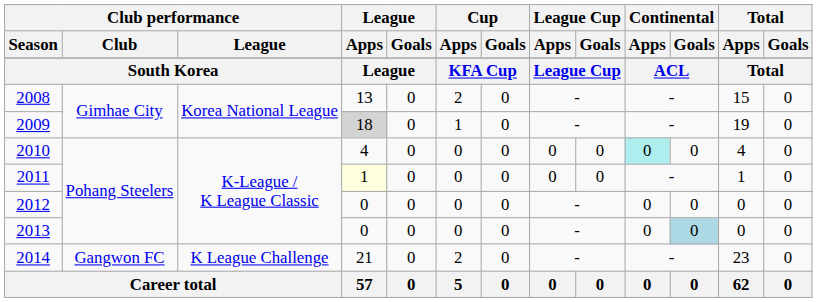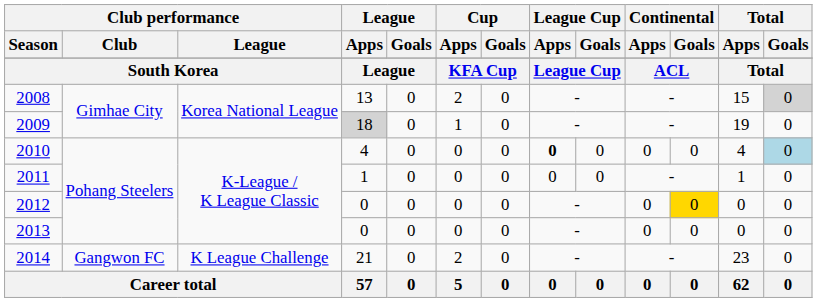 <table class="wikitable" style="text-align:center">
 <tr>
 <th colspan=3>Club performance</th>
 <th colspan=2>League</th>
 <th colspan=2>Cup</th>
 <th colspan=2>League Cup</th>
 <th colspan=2>Continental</th>
 <th colspan=2>Total</th>
 </tr>
 <tr>
 <th>Season</th>
 <th>Club</th>
 <th>League</th>
 <th>Apps</th>
 <th>Goals</th>
 <th>Apps</th>
 <th>Goals</th>
 <th>Apps</th>
 <th>Goals</th>
 <th>Apps</th>
 <th>Goals</th>
 <th>Apps</th>
 <th>Goals</th>
 </tr>
 <tr>
 </tr>
 <tr>
 <th colspan=3>South Korea</th>
 <th colspan=2>League</th>
 <th colspan=2><a href='#'>KFA Cup</a></th>
 <th colspan=2><a href='#'>League Cup</a></th>
 <th colspan=2><a href='#'>ACL</a></th>
 <th colspan=2>Total</th>
 </tr>
 <tr>
 <td><a href='#'>2008</a></td>
 <td rowspan="2"><a href='#'>Gimhae City</a></td>
 <td rowspan="2"><a href='#'>Korea National League</a></td>
 <td>13</td>
 <td>0</td>
 <td>2</td>
 <td>0</td>
 <td colspan="2">-</td>
 <td colspan="2">-</td>
 <td>15</td>
-<td>0</td>
+<td style="background: lightgrey;">0</td>
 </tr>
 <tr>
 <td><a href='#'>2009</a></td>
 <td style="background: lightgrey;">18</td>
 <td>0</td>
 <td>1</td>
 <td>0</td>
 <td colspan="2">-</td>
 <td colspan="2">-</td>
 <td>19</td>
 <td>0</td>
 </tr>
 <tr>
 <td><a href='#'>2010</a></td>
 <td rowspan="4"><a href='#'>Pohang Steelers</a></td>
 <td rowspan="4"><a href='#'>K-League /<br>K League Classic</a></td>
 <td>4</td>
 <td>0</td>
 <td>0</td>
 <td>0</td>
+<td><strong>0</strong></td>
 <td>0</td>
 <td>0</td>
-<td style="background: paleturquoise;">0</td>
 <td>0</td>
 <td>4</td>
-<td>0</td>
+<td style="background: lightblue;">0</td>
 </tr>
 <tr>
 <td><a href='#'>2011</a></td>
-<td style="background: lightyellow;">1</td>
+<td>1</td>
 <td>0</td>
 <td>0</td>
 <td>0</td>
 <td>0</td>
 <td>0</td>
 <td colspan="2">-</td>
 <td>1</td>
 <td>0</td>
 </tr>
 <tr>
 <td><a href='#'>2012</a></td>
 <td>0</td>
 <td>0</td>
 <td>0</td>
 <td>0</td>
 <td colspan="2">-</td>
 <td>0</td>
-<td>0</td>
+<td style="background: gold;">0</td>
 <td>0</td>
 <td>0</td>
 </tr>
 <tr>
 <td><a href='#'>2013</a></td>
 <td>0</td>
 <td>0</td>
 <td>0</td>
 <td>0</td>
 <td colspan="2">-</td>
 <td>0</td>
-<td style="background: lightblue;">0</td>
+<td>0</td>
 <td>0</td>
 <td>0</td>
 </tr>
 <tr>
 <td><a href='#'>2014</a></td>
 <td rowspan="1"><a href='#'>Gangwon FC</a></td>
 <td rowspan="1"><a href='#'>K League Challenge</a></td>
 <td>21</td>
 <td>0</td>
 <td>2</td>
 <td>0</td>
 <td colspan="2">-</td>
 <td colspan="2">-</td>
 <td>23</td>
 <td>0</td>
 </tr>
 <tr>
 <th colspan=3>Career total</th>
 <th>57</th>
 <th>0</th>
 <th>5</th>
 <th>0</th>
 <th>0</th>
 <th>0</th>
 <th>0</th>
 <th>0</th>
 <th>62</th>
 <th>0</th>
 </tr>
 </table>
